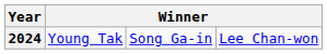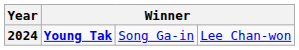 <table class="wikitable plainrowheaders" style="text-align:center">
 <tr>
 <th scope="col">Year</th>
 <th scope="col" width="200" colspan='3'>Winner</th>
 </tr>
 <tr>
 <th scope="row">2024</th>
-<td><a href='#'>Young Tak</a></td>
+<td><strong><a href='#'>Young Tak</a></strong></td>
 <td><a href='#'>Song Ga-in</a></td>
 <td><a href='#'>Lee Chan-won</a></td>
 </tr>
 </table>
